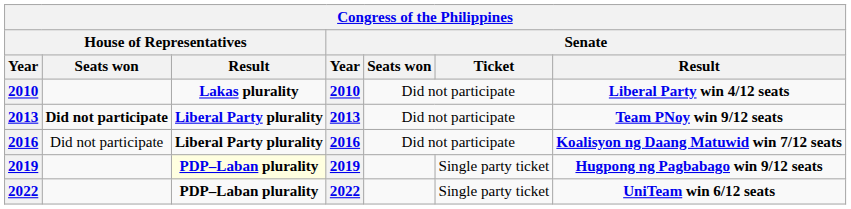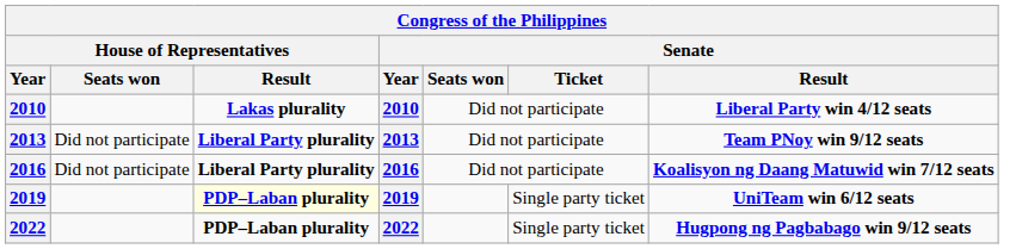 <table class="wikitable" style="text-align:center; font-size:90%">
 <tr>
 <th colspan=7><a href='#'>Congress of the Philippines</a></th>
 </tr>
 <tr>
 <th colspan="3">House of Representatives</th>
 <th colspan="4">Senate</th>
 </tr>
 <tr>
 <th>Year</th>
 <th>Seats won</th>
 <th>Result</th>
 <th>Year</th>
 <th>Seats won</th>
 <th>Ticket</th>
 <th>Result</th>
 </tr>
 <tr>
 <th><a href='#'>2010</a></th>
 <td></td>
 <td><strong><a href='#'>Lakas</a> plurality</strong></td>
 <th><a href='#'>2010</a></th>
 <td colspan=2>Did not participate</td>
 <td><strong><a href='#'>Liberal Party</a> win 4/12 seats</strong></td>
 </tr>
 <tr>
 <th><a href='#'>2013</a></th>
-<td><strong>Did not participate</strong></td>
+<td>Did not participate</td>
 <td><strong><a href='#'>Liberal Party</a> plurality</strong></td>
 <th><a href='#'>2013</a></th>
 <td colspan=2>Did not participate</td>
 <td><strong><a href='#'>Team PNoy</a> win 9/12 seats</strong></td>
 </tr>
 <tr>
 <th><a href='#'>2016</a></th>
 <td>Did not participate</td>
 <td><strong>Liberal Party plurality</strong></td>
 <th><a href='#'>2016</a></th>
 <td colspan=2>Did not participate</td>
 <td><strong><a href='#'>Koalisyon ng Daang Matuwid</a> win 7/12 seats</strong></td>
 </tr>
 <tr>
 <th><a href='#'>2019</a></th>
 <td></td>
 <td style="background: lightyellow;"><strong><a href='#'>PDP–Laban</a> plurality</strong></td>
 <th><a href='#'>2019</a></th>
 <td></td>
 <td>Single party ticket</td>
-<td><strong><a href='#'>Hugpong ng Pagbabago</a> win 9/12 seats</strong></td>
+<td><strong><a href='#'>UniTeam</a> win 6/12 seats</strong></td>
 </tr>
 <tr>
 <th><a href='#'>2022</a></th>
 <td></td>
 <td><strong>PDP–Laban plurality</strong></td>
 <th><a href='#'>2022</a></th>
 <td></td>
 <td>Single party ticket</td>
-<td><strong><a href='#'>UniTeam</a> win 6/12 seats</strong></td>
+<td><strong><a href='#'>Hugpong ng Pagbabago</a> win 9/12 seats</strong></td>
 </tr>
 </table>
